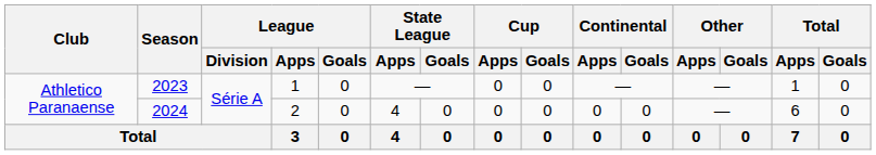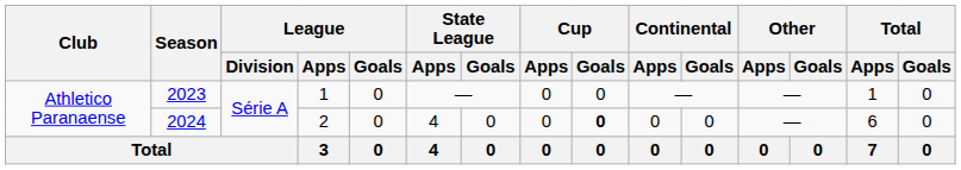 <table class="wikitable" style="text-align: center;">
 <tr>
 <th rowspan="2">Club</th>
 <th rowspan="2">Season</th>
 <th colspan="3">League</th>
 <th colspan="2">State League</th>
 <th colspan="2">Cup</th>
 <th colspan="2">Continental</th>
 <th colspan="2">Other</th>
 <th colspan="2">Total</th>
 </tr>
 <tr>
 <th>Division</th>
 <th>Apps</th>
 <th>Goals</th>
 <th>Apps</th>
 <th>Goals</th>
 <th>Apps</th>
 <th>Goals</th>
 <th>Apps</th>
 <th>Goals</th>
 <th>Apps</th>
 <th>Goals</th>
 <th>Apps</th>
 <th>Goals</th>
 </tr>
 <tr>
 <td rowspan="2" valign="center"><a href='#'>Athletico Paranaense</a></td>
 <td><a href='#'>2023</a></td>
 <td rowspan="2"><a href='#'>Série A</a></td>
 <td>1</td>
 <td>0</td>
 <td colspan="2">—</td>
 <td>0</td>
 <td>0</td>
 <td colspan="2">—</td>
 <td colspan="2">—</td>
 <td>1</td>
 <td>0</td>
 </tr>
 <tr>
 <td><a href='#'>2024</a></td>
 <td>2</td>
 <td>0</td>
 <td>4</td>
 <td>0</td>
 <td>0</td>
-<td>0</td>
+<td><strong>0</strong></td>
 <td>0</td>
 <td>0</td>
 <td colspan="2">—</td>
 <td>6</td>
 <td>0</td>
 </tr>
 <tr>
 <th colspan="3"><strong>Total</strong></th>
 <th>3</th>
 <th>0</th>
 <th>4</th>
 <th>0</th>
 <th>0</th>
 <th>0</th>
 <th>0</th>
 <th>0</th>
 <th>0</th>
 <th>0</th>
 <th>7</th>
 <th>0</th>
 </tr>
 </table>
